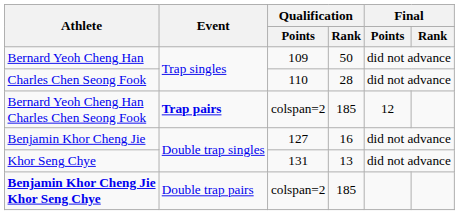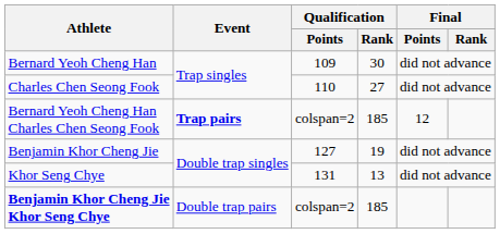 <table class="wikitable" style="font-size:90%;">
 <tr>
 <th rowspan=2>Athlete</th>
 <th rowspan=2>Event</th>
 <th colspan=2>Qualification</th>
 <th colspan=2>Final</th>
 </tr>
 <tr style="font-size:95%">
 <th>Points</th>
 <th>Rank</th>
 <th>Points</th>
 <th>Rank</th>
 </tr>
 <tr align=center>
 <td align=left><a href='#'>Bernard Yeoh Cheng Han</a></td>
 <td align=left rowspan=2><a href='#'>Trap singles</a></td>
 <td>109</td>
-<td>50</td>
+<td>30</td>
 <td colspan=2>did not advance</td>
 </tr>
 <tr align=center>
 <td align=left><a href='#'>Charles Chen Seong Fook</a></td>
 <td>110</td>
-<td>28</td>
+<td>27</td>
 <td colspan=2>did not advance</td>
 </tr>
 <tr align=center>
 <td align=left><a href='#'>Bernard Yeoh Cheng Han</a><br><a href='#'>Charles Chen Seong Fook</a></td>
 <td align=left><strong><a href='#'>Trap pairs</a></strong></td>
 <td>colspan=2 </td>
 <td>185</td>
 <td>12</td>
 </tr>
 <tr align=center>
 <td align=left><a href='#'>Benjamin Khor Cheng Jie</a></td>
 <td align=left rowspan=2><a href='#'>Double trap singles</a></td>
 <td>127</td>
-<td>16</td>
+<td>19</td>
 <td colspan=2>did not advance</td>
 </tr>
 <tr align=center>
 <td align=left><a href='#'>Khor Seng Chye</a></td>
 <td>131</td>
 <td>13</td>
 <td colspan=2>did not advance</td>
 </tr>
 <tr align=center>
 <td align=left><strong><a href='#'>Benjamin Khor Cheng Jie</a><br><a href='#'>Khor Seng Chye</a></strong></td>
 <td align=left><a href='#'>Double trap pairs</a></td>
 <td>colspan=2 </td>
 <td>185</td>
 <td></td>
 </tr>
 </table>
